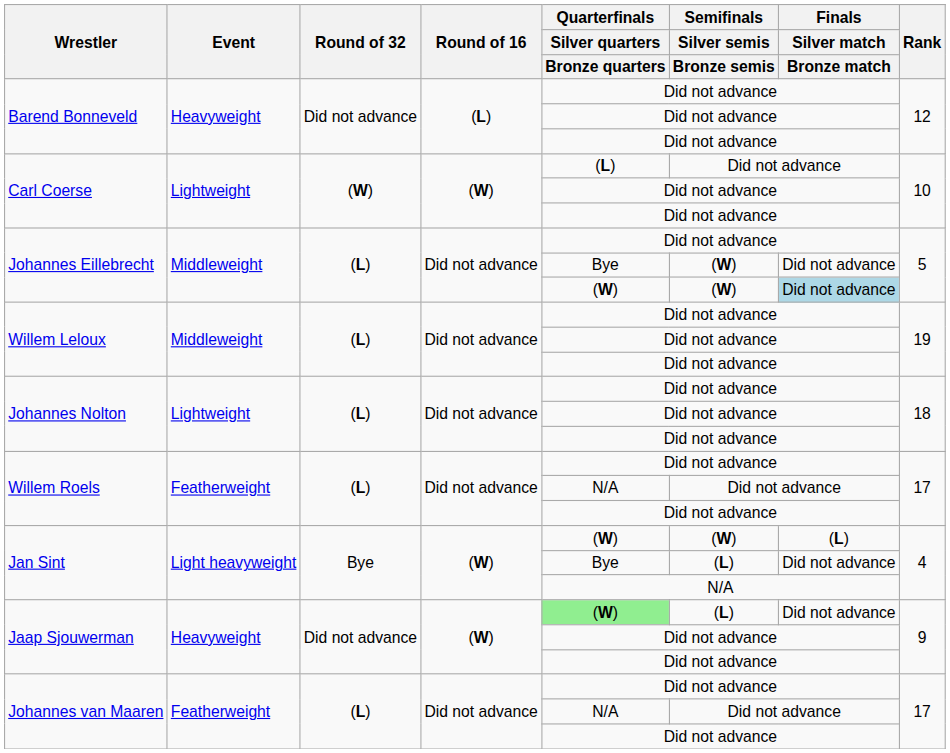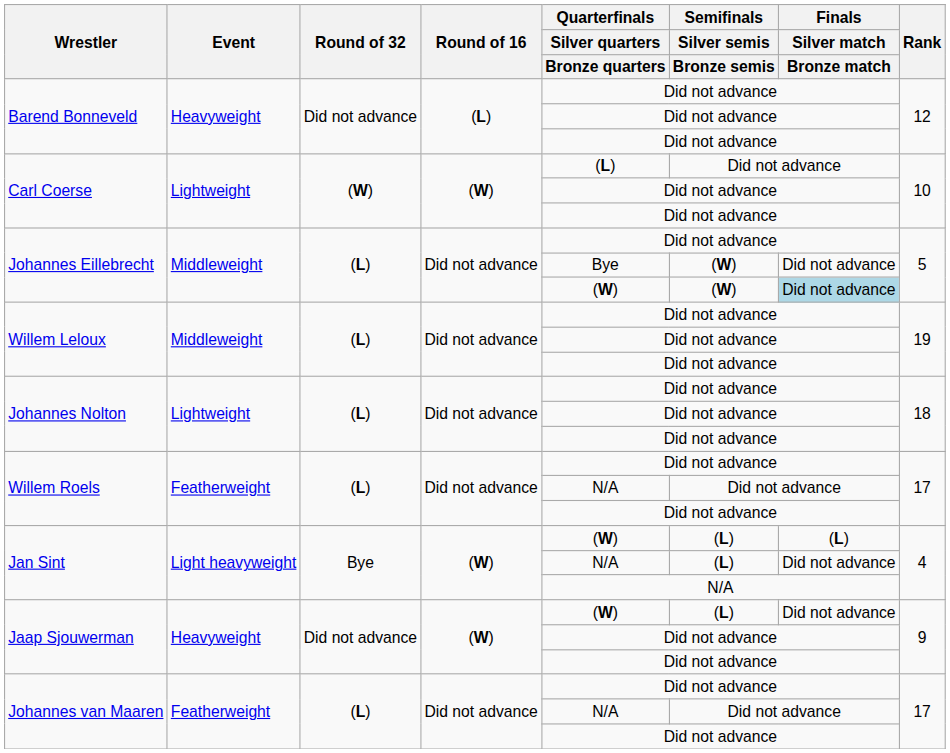 <table class=wikitable style="font-size:90%">
 <tr>
 <th rowspan=3>Wrestler</th>
 <th rowspan=3>Event</th>
 <th rowspan=3>Round of 32</th>
 <th rowspan=3>Round of 16</th>
 <th>Quarterfinals</th>
 <th>Semifinals</th>
 <th>Finals</th>
 <th rowspan=3>Rank</th>
 </tr>
 <tr>
 <th>Silver quarters</th>
 <th>Silver semis</th>
 <th>Silver match</th>
 </tr>
 <tr>
 <th>Bronze quarters</th>
 <th>Bronze semis</th>
 <th>Bronze match</th>
 </tr>
 <tr>
 <td rowspan=3><a href='#'>Barend Bonneveld</a></td>
 <td rowspan=3><a href='#'>Heavyweight</a></td>
 <td align=center rowspan=3>Did not advance</td>
 <td align=center rowspan=3> (<strong>L</strong>)</td>
 <td align=center colspan=3>Did not advance</td>
 <td align=center rowspan=3>12</td>
 </tr>
 <tr>
 <td align=center colspan=3>Did not advance</td>
 </tr>
 <tr>
 <td align=center colspan=3>Did not advance</td>
 </tr>
 <tr>
 <td rowspan=3><a href='#'>Carl Coerse</a></td>
 <td rowspan=3><a href='#'>Lightweight</a></td>
 <td align=center rowspan=3> (<strong>W</strong>)</td>
 <td align=center rowspan=3> (<strong>W</strong>)</td>
 <td align=center> (<strong>L</strong>)</td>
 <td align=center colspan=2>Did not advance</td>
 <td align=center rowspan=3>10</td>
 </tr>
 <tr>
 <td align=center colspan=3>Did not advance</td>
 </tr>
 <tr>
 <td align=center colspan=3>Did not advance</td>
 </tr>
 <tr>
 <td rowspan=3><a href='#'>Johannes Eillebrecht</a></td>
 <td rowspan=3><a href='#'>Middleweight</a></td>
 <td align=center rowspan=3> (<strong>L</strong>)</td>
 <td align=center rowspan=3>Did not advance</td>
 <td align=center colspan=3>Did not advance</td>
 <td align=center rowspan=3>5</td>
 </tr>
 <tr>
 <td align=center>Bye</td>
 <td align=center> (<strong>W</strong>)</td>
 <td align=center>Did not advance</td>
 </tr>
 <tr>
 <td align=center> (<strong>W</strong>)</td>
 <td align=center> (<strong>W</strong>)</td>
 <td align=center style="background: lightblue;">Did not advance</td>
 </tr>
 <tr>
 <td rowspan=3><a href='#'>Willem Leloux</a></td>
 <td rowspan=3><a href='#'>Middleweight</a></td>
 <td align=center rowspan=3> (<strong>L</strong>)</td>
 <td align=center rowspan=3>Did not advance</td>
 <td align=center colspan=3>Did not advance</td>
 <td align=center rowspan=3>19</td>
 </tr>
 <tr>
 <td align=center colspan=3>Did not advance</td>
 </tr>
 <tr>
 <td align=center colspan=3>Did not advance</td>
 </tr>
 <tr>
 <td rowspan=3><a href='#'>Johannes Nolton</a></td>
 <td rowspan=3><a href='#'>Lightweight</a></td>
 <td align=center rowspan=3> (<strong>L</strong>)</td>
 <td align=center rowspan=3>Did not advance</td>
 <td align=center colspan=3>Did not advance</td>
 <td align=center rowspan=3>18</td>
 </tr>
 <tr>
 <td align=center colspan=3>Did not advance</td>
 </tr>
 <tr>
 <td align=center colspan=3>Did not advance</td>
 </tr>
 <tr>
 <td rowspan=3><a href='#'>Willem Roels</a></td>
 <td rowspan=3><a href='#'>Featherweight</a></td>
 <td align=center rowspan=3> (<strong>L</strong>)</td>
 <td align=center rowspan=3>Did not advance</td>
 <td align=center colspan=3>Did not advance</td>
 <td align=center rowspan=3>17</td>
 </tr>
 <tr>
 <td align=center>N/A</td>
 <td align=center colspan=2>Did not advance</td>
 </tr>
 <tr>
 <td align=center colspan=3>Did not advance</td>
 </tr>
 <tr>
 <td rowspan=3><a href='#'>Jan Sint</a></td>
 <td rowspan=3><a href='#'>Light heavyweight</a></td>
 <td align=center rowspan=3>Bye</td>
 <td align=center rowspan=3> (<strong>W</strong>)</td>
 <td align=center> (<strong>W</strong>)</td>
-<td align=center> (<strong>W</strong>)</td>
+<td align=center> (<strong>L</strong>)</td>
 <td align=center> (<strong>L</strong>)</td>
 <td align=center rowspan=3>4</td>
 </tr>
 <tr>
-<td align=center>Bye</td>
+<td align=center>N/A</td>
 <td align=center> (<strong>L</strong>)</td>
 <td align=center>Did not advance</td>
 </tr>
 <tr>
 <td align=center colspan=3>N/A</td>
 </tr>
 <tr>
 <td rowspan=3><a href='#'>Jaap Sjouwerman</a></td>
 <td rowspan=3><a href='#'>Heavyweight</a></td>
 <td align=center rowspan=3>Did not advance</td>
 <td align=center rowspan=3> (<strong>W</strong>)</td>
-<td align=center style="background: lightgreen;"> (<strong>W</strong>)</td>
+<td align=center> (<strong>W</strong>)</td>
 <td align=center> (<strong>L</strong>)</td>
 <td align=center>Did not advance</td>
 <td align=center rowspan=3>9</td>
 </tr>
 <tr>
 <td align=center colspan=3>Did not advance</td>
 </tr>
 <tr>
 <td align=center colspan=3>Did not advance</td>
 </tr>
 <tr>
 <td rowspan=3><a href='#'>Johannes van Maaren</a></td>
 <td rowspan=3><a href='#'>Featherweight</a></td>
 <td align=center rowspan=3> (<strong>L</strong>)</td>
 <td align=center rowspan=3>Did not advance</td>
 <td align=center colspan=3>Did not advance</td>
 <td align=center rowspan=3>17</td>
 </tr>
 <tr>
 <td align=center>N/A</td>
 <td align=center colspan=2>Did not advance</td>
 </tr>
 <tr>
 <td align=center colspan=3>Did not advance</td>
 </tr>
 </table>
